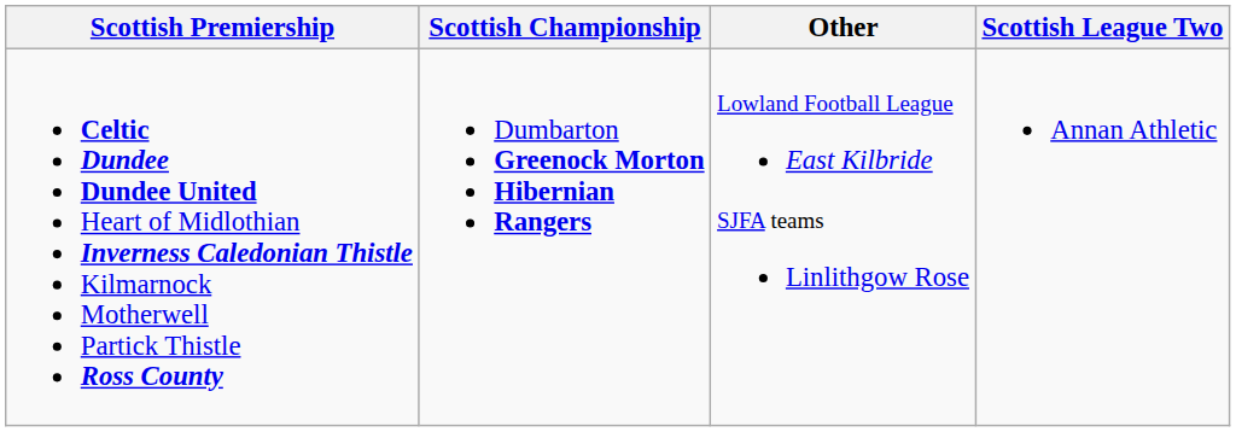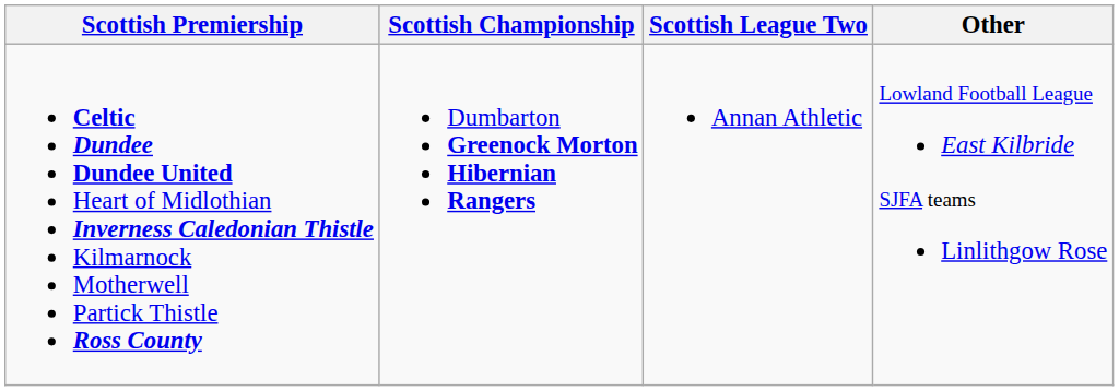 <table class="wikitable" style="text-align:left">
 <tr>
 <th><a href='#'>Scottish Premiership</a></th>
 <th><a href='#'>Scottish Championship</a></th>
+<th><a href='#'>Scottish League Two</a></th>
 <th>Other</th>
-<th><a href='#'>Scottish League Two</a></th>
 </tr>
 <tr>
 <td valign=top><br><ul><li><strong><a href='#'>Celtic</a></strong></li><li><strong><em><a href='#'>Dundee</a></em></strong></li><li><strong><a href='#'>Dundee United</a></strong></li><li><a href='#'>Heart of Midlothian</a></li><li><strong><em><a href='#'>Inverness Caledonian Thistle</a></em></strong></li><li><a href='#'>Kilmarnock</a></li><li><a href='#'>Motherwell</a></li><li><a href='#'>Partick Thistle</a></li><li><strong><em><a href='#'>Ross County</a></em></strong></li></ul></td>
 <td valign=top><br><ul><li><a href='#'>Dumbarton</a></li><li><strong><a href='#'>Greenock Morton</a></strong></li><li><strong><a href='#'>Hibernian</a></strong></li><li><strong><a href='#'>Rangers</a></strong></li></ul></td>
+<td valign=top><br><ul><li><a href='#'>Annan Athletic</a></li></ul></td>
 <td valign=top><br><small><a href='#'>Lowland Football League</a></small><ul><li><em><a href='#'>East Kilbride</a></em></li></ul><small><a href='#'>SJFA</a> teams</small><ul><li><a href='#'>Linlithgow Rose</a></li></ul></td>
-<td valign=top><br><ul><li><a href='#'>Annan Athletic</a></li></ul></td>
 </tr>
 </table>
